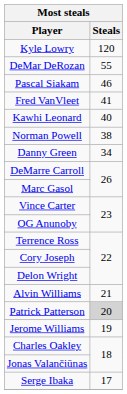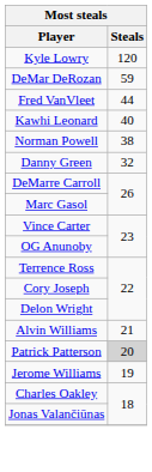 <table class="wikitable sortable" style="text-align:center">
 <tr>
 <th colspan="2">Most steals</th>
 </tr>
 <tr>
 <th>Player</th>
 <th>Steals</th>
 </tr>
 <tr>
 <td><a href='#'>Kyle Lowry</a></td>
 <td>120</td>
 </tr>
 <tr>
 <td><a href='#'>DeMar DeRozan</a></td>
-<td>55</td>
-</tr>
-<tr>
-<td><a href='#'>Pascal Siakam</a></td>
-<td>46</td>
+<td>59</td>
 </tr>
 <tr>
 <td><a href='#'>Fred VanVleet</a></td>
-<td>41</td>
+<td>44</td>
 </tr>
 <tr>
 <td><a href='#'>Kawhi Leonard</a></td>
 <td>40</td>
 </tr>
 <tr>
 <td><a href='#'>Norman Powell</a></td>
 <td>38</td>
 </tr>
 <tr>
 <td><a href='#'>Danny Green</a></td>
-<td>34</td>
+<td>32</td>
 </tr>
 <tr>
 <td><a href='#'>DeMarre Carroll</a></td>
 <td rowspan=2>26</td>
 </tr>
 <tr>
 <td><a href='#'>Marc Gasol</a></td>
 </tr>
 <tr>
 <td><a href='#'>Vince Carter</a></td>
 <td rowspan=2>23</td>
 </tr>
 <tr>
 <td><a href='#'>OG Anunoby</a></td>
 </tr>
 <tr>
 <td><a href='#'>Terrence Ross</a></td>
 <td rowspan=3>22</td>
 </tr>
 <tr>
 <td><a href='#'>Cory Joseph</a></td>
 </tr>
 <tr>
 <td><a href='#'>Delon Wright</a></td>
 </tr>
 <tr>
 <td><a href='#'>Alvin Williams</a></td>
 <td>21</td>
 </tr>
 <tr>
 <td><a href='#'>Patrick Patterson</a></td>
 <td style="background: lightgrey;">20</td>
 </tr>
 <tr>
 <td><a href='#'>Jerome Williams</a></td>
 <td>19</td>
 </tr>
 <tr>
 <td><a href='#'>Charles Oakley</a></td>
 <td rowspan =2>18</td>
 </tr>
 <tr>
 <td><a href='#'>Jonas Valančiūnas</a></td>
 </tr>
 <tr>
-<td><a href='#'>Serge Ibaka</a></td>
-<td>17</td>
-</tr>
-<tr>
 </tr>
 </table>
